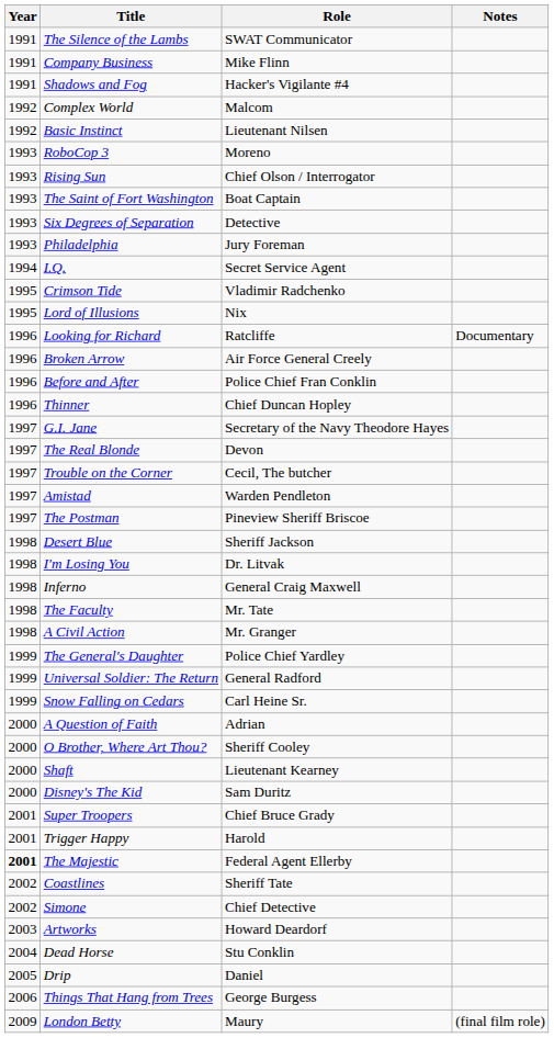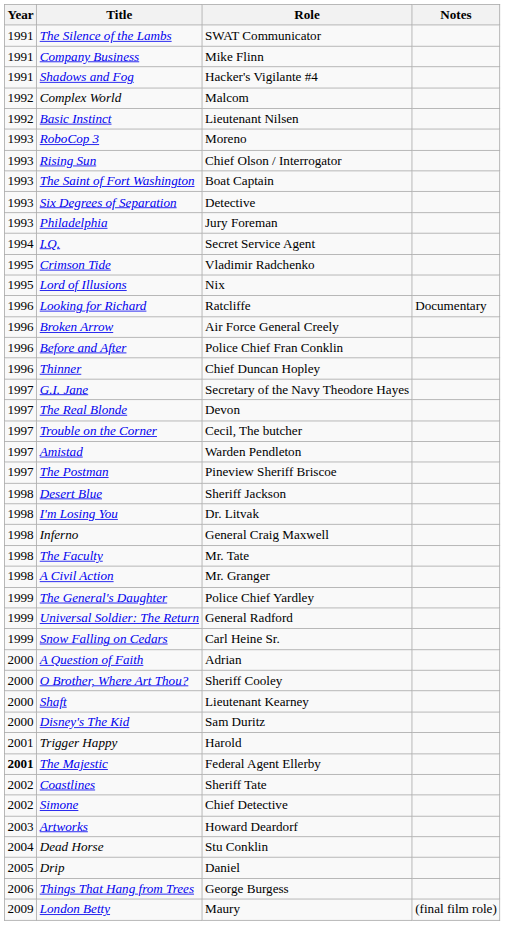 <table class="wikitable sortable">
 <tr>
 <th>Year</th>
 <th>Title</th>
 <th>Role</th>
 <th class="unsortable">Notes</th>
 </tr>
 <tr>
 <td>1991</td>
 <td data-sort-value="Silence of the Lambs, The"><em><a href='#'>The Silence of the Lambs</a></em></td>
 <td>SWAT Communicator</td>
 <td></td>
 </tr>
 <tr>
 <td>1991</td>
 <td><em><a href='#'>Company Business</a></em></td>
 <td>Mike Flinn</td>
 <td></td>
 </tr>
 <tr>
 <td>1991</td>
 <td><em><a href='#'>Shadows and Fog</a></em></td>
 <td>Hacker's Vigilante #4</td>
 <td></td>
 </tr>
 <tr>
 <td>1992</td>
 <td><em>Complex World</em></td>
 <td>Malcom</td>
 <td></td>
 </tr>
 <tr>
 <td>1992</td>
 <td><em><a href='#'>Basic Instinct</a></em></td>
 <td>Lieutenant Nilsen</td>
 <td></td>
 </tr>
 <tr>
 <td>1993</td>
 <td><em><a href='#'>RoboCop 3</a></em></td>
 <td>Moreno</td>
 <td></td>
 </tr>
 <tr>
 <td>1993</td>
 <td><em><a href='#'>Rising Sun</a></em></td>
 <td>Chief Olson / Interrogator</td>
 <td></td>
 </tr>
 <tr>
 <td>1993</td>
 <td data-sort-value="Saint of Fort Washington, The"><em><a href='#'>The Saint of Fort Washington</a></em></td>
 <td>Boat Captain</td>
 <td></td>
 </tr>
 <tr>
 <td>1993</td>
 <td><em><a href='#'>Six Degrees of Separation</a></em></td>
 <td>Detective</td>
 <td></td>
 </tr>
 <tr>
 <td>1993</td>
 <td><em><a href='#'>Philadelphia</a></em></td>
 <td>Jury Foreman</td>
 <td></td>
 </tr>
 <tr>
 <td>1994</td>
 <td><em><a href='#'>I.Q.</a></em></td>
 <td>Secret Service Agent</td>
 <td></td>
 </tr>
 <tr>
 <td>1995</td>
 <td><em><a href='#'>Crimson Tide</a></em></td>
 <td>Vladimir Radchenko</td>
 <td></td>
 </tr>
 <tr>
 <td>1995</td>
 <td><em><a href='#'>Lord of Illusions</a></em></td>
 <td>Nix</td>
 <td></td>
 </tr>
 <tr>
 <td>1996</td>
 <td><em><a href='#'>Looking for Richard</a></em></td>
 <td>Ratcliffe</td>
 <td>Documentary</td>
 </tr>
 <tr>
 <td>1996</td>
 <td><em><a href='#'>Broken Arrow</a></em></td>
 <td>Air Force General Creely</td>
 <td></td>
 </tr>
 <tr>
 <td>1996</td>
 <td><em><a href='#'>Before and After</a></em></td>
 <td>Police Chief Fran Conklin</td>
 <td></td>
 </tr>
 <tr>
 <td>1996</td>
 <td><em><a href='#'>Thinner</a></em></td>
 <td>Chief Duncan Hopley</td>
 <td></td>
 </tr>
 <tr>
 <td>1997</td>
 <td><em><a href='#'>G.I. Jane</a></em></td>
 <td>Secretary of the Navy Theodore Hayes</td>
 <td></td>
 </tr>
 <tr>
 <td>1997</td>
 <td data-sort-value="Real Blonde, The"><em><a href='#'>The Real Blonde</a></em></td>
 <td>Devon</td>
 <td></td>
 </tr>
 <tr>
 <td>1997</td>
 <td><em><a href='#'>Trouble on the Corner</a></em></td>
 <td>Cecil, The butcher</td>
 <td></td>
 </tr>
 <tr>
 <td>1997</td>
 <td><em><a href='#'>Amistad</a></em></td>
 <td>Warden Pendleton</td>
 <td></td>
 </tr>
 <tr>
 <td>1997</td>
 <td data-sort-value="Postman, The"><em><a href='#'>The Postman</a></em></td>
 <td>Pineview Sheriff Briscoe</td>
 <td></td>
 </tr>
 <tr>
 <td>1998</td>
 <td><em><a href='#'>Desert Blue</a></em></td>
 <td>Sheriff Jackson</td>
 <td></td>
 </tr>
 <tr>
 <td>1998</td>
 <td><em><a href='#'>I'm Losing You</a></em></td>
 <td>Dr. Litvak</td>
 <td></td>
 </tr>
 <tr>
 <td>1998</td>
 <td><em>Inferno</em></td>
 <td>General Craig Maxwell</td>
 <td></td>
 </tr>
 <tr>
 <td>1998</td>
 <td data-sort-value="Faculty, The"><em><a href='#'>The Faculty</a></em></td>
 <td>Mr. Tate</td>
 <td></td>
 </tr>
 <tr>
 <td>1998</td>
 <td data-sort-value="Civil Action, A"><em><a href='#'>A Civil Action</a></em></td>
 <td>Mr. Granger</td>
 <td></td>
 </tr>
 <tr>
 <td>1999</td>
 <td data-sort-value="General's Daughter, The"><em><a href='#'>The General's Daughter</a></em></td>
 <td>Police Chief Yardley</td>
 <td></td>
 </tr>
 <tr>
 <td>1999</td>
 <td><em><a href='#'>Universal Soldier: The Return</a></em></td>
 <td>General Radford</td>
 <td></td>
 </tr>
 <tr>
 <td>1999</td>
 <td><em><a href='#'>Snow Falling on Cedars</a></em></td>
 <td>Carl Heine Sr.</td>
 <td></td>
 </tr>
 <tr>
 <td>2000</td>
 <td data-sort-value="Question of Faith, A"><em><a href='#'>A Question of Faith</a></em></td>
 <td>Adrian</td>
 <td></td>
 </tr>
 <tr>
 <td>2000</td>
 <td><em><a href='#'>O Brother, Where Art Thou?</a></em></td>
 <td>Sheriff Cooley</td>
 <td></td>
 </tr>
 <tr>
 <td>2000</td>
 <td><em><a href='#'>Shaft</a></em></td>
 <td>Lieutenant Kearney</td>
 <td></td>
 </tr>
 <tr>
 <td>2000</td>
 <td><em><a href='#'>Disney's The Kid</a></em></td>
 <td>Sam Duritz</td>
 <td></td>
 </tr>
 <tr>
 <td>2001</td>
-<td><em><a href='#'>Super Troopers</a></em></td>
-<td>Chief Bruce Grady</td>
-<td></td>
-</tr>
-<tr>
-<td>2001</td>
 <td><em>Trigger Happy</em></td>
 <td>Harold</td>
 <td></td>
 </tr>
 <tr>
 <td><strong>2001</strong></td>
 <td data-sort-value="Majestic, The"><em><a href='#'>The Majestic</a></em></td>
 <td>Federal Agent Ellerby</td>
 <td></td>
 </tr>
 <tr>
 <td>2002</td>
 <td><em><a href='#'>Coastlines</a></em></td>
 <td>Sheriff Tate</td>
 <td></td>
 </tr>
 <tr>
 <td>2002</td>
 <td><em><a href='#'>Simone</a></em></td>
 <td>Chief Detective</td>
 <td></td>
 </tr>
 <tr>
 <td>2003</td>
 <td><em><a href='#'>Artworks</a></em></td>
 <td>Howard Deardorf</td>
 <td></td>
 </tr>
 <tr>
 <td>2004</td>
 <td><em>Dead Horse</em></td>
 <td>Stu Conklin</td>
 <td></td>
 </tr>
 <tr>
 <td>2005</td>
 <td><em>Drip</em></td>
 <td>Daniel</td>
 <td></td>
 </tr>
 <tr>
 <td>2006</td>
 <td><em><a href='#'>Things That Hang from Trees</a></em></td>
 <td>George Burgess</td>
 <td></td>
 </tr>
 <tr>
 <td>2009</td>
 <td><em><a href='#'>London Betty</a></em></td>
 <td>Maury</td>
 <td>(final film role)</td>
 </tr>
 </table>
